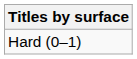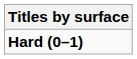 <table class=wikitable style=font-size:97%>
 <tr>
 <th>Titles by surface</th>
 </tr>
 <tr>
-<td>Hard (0–1)</td>
+<td><strong>Hard (0–1)</strong></td>
 </tr>
 </table>
